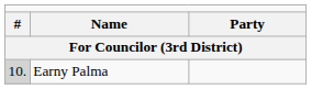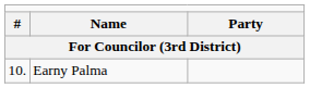 <table class=wikitable style="font-size:90%">
 <tr>
 <td colspan=5 bgcolor=></td>
 </tr>
 <tr>
 <th>#</th>
 <th width=150px>Name</th>
 <th colspan=2 width=110px>Party</th>
 </tr>
 <tr>
 <th colspan=5>For Councilor (3rd District)</th>
 </tr>
 <tr>
-<td style="background: lightgrey;">10.</td>
+<td>10.</td>
 <td>Earny Palma</td>
 <td></td>
 </tr>
 </table>
